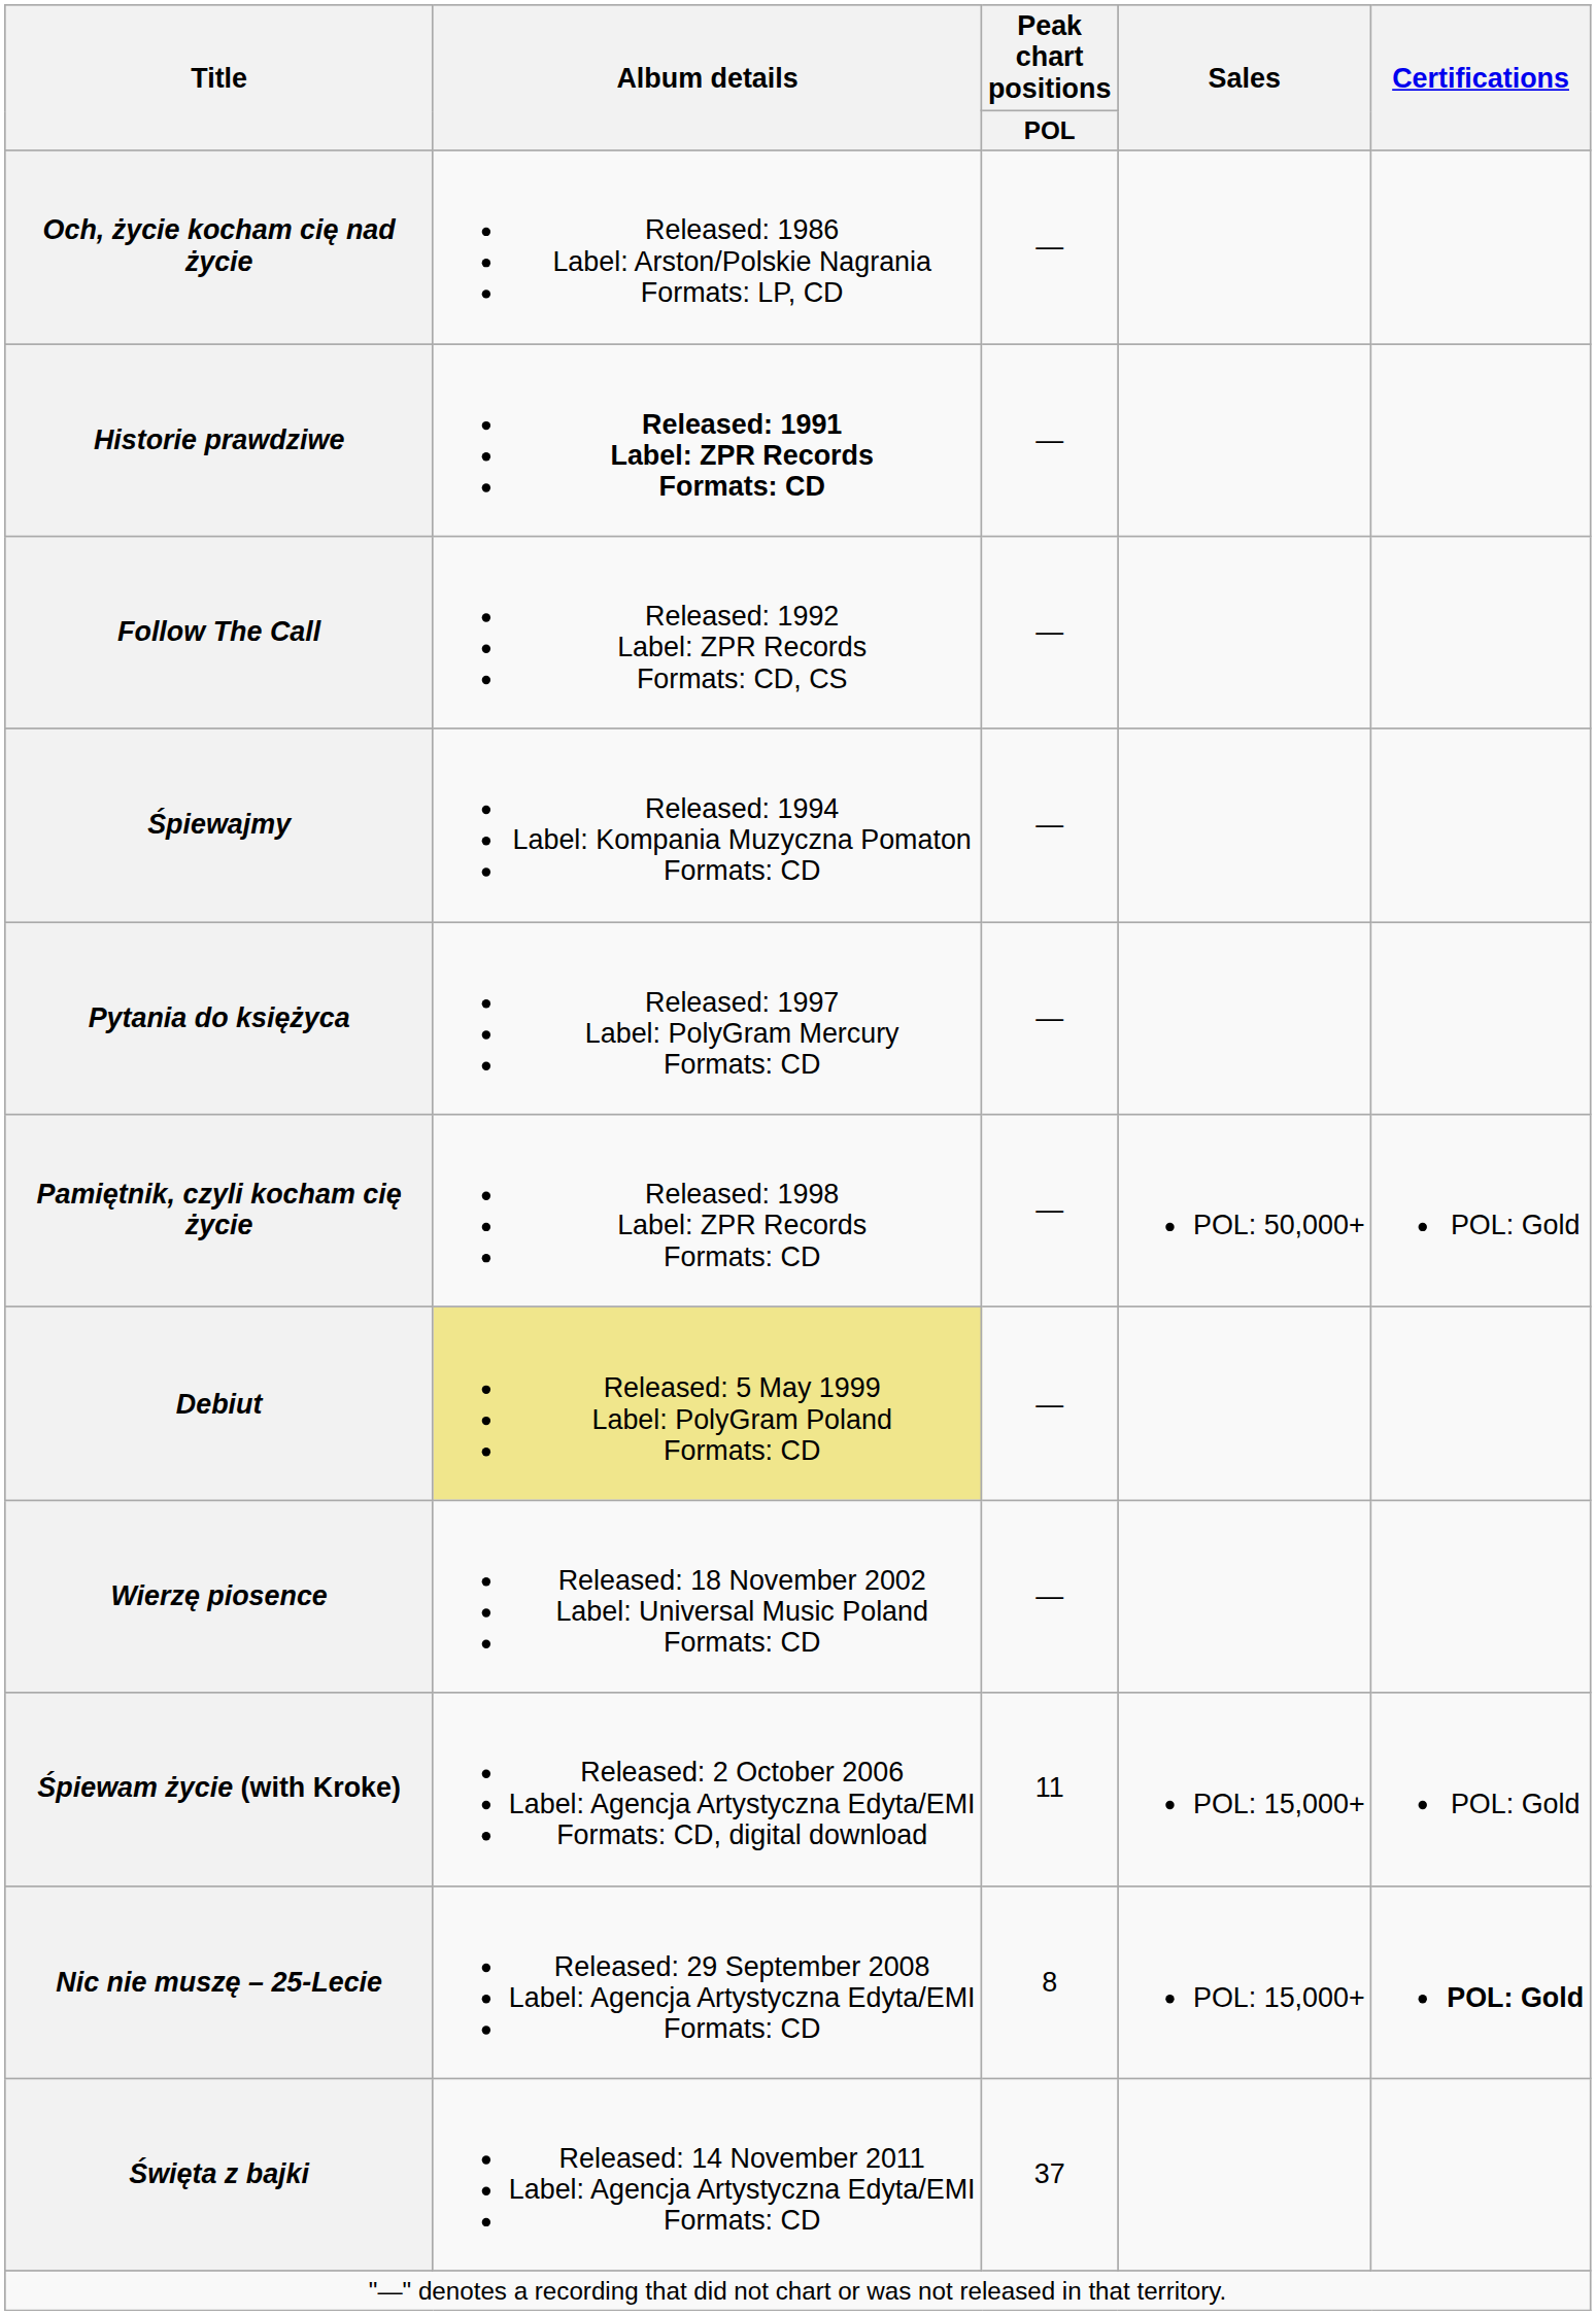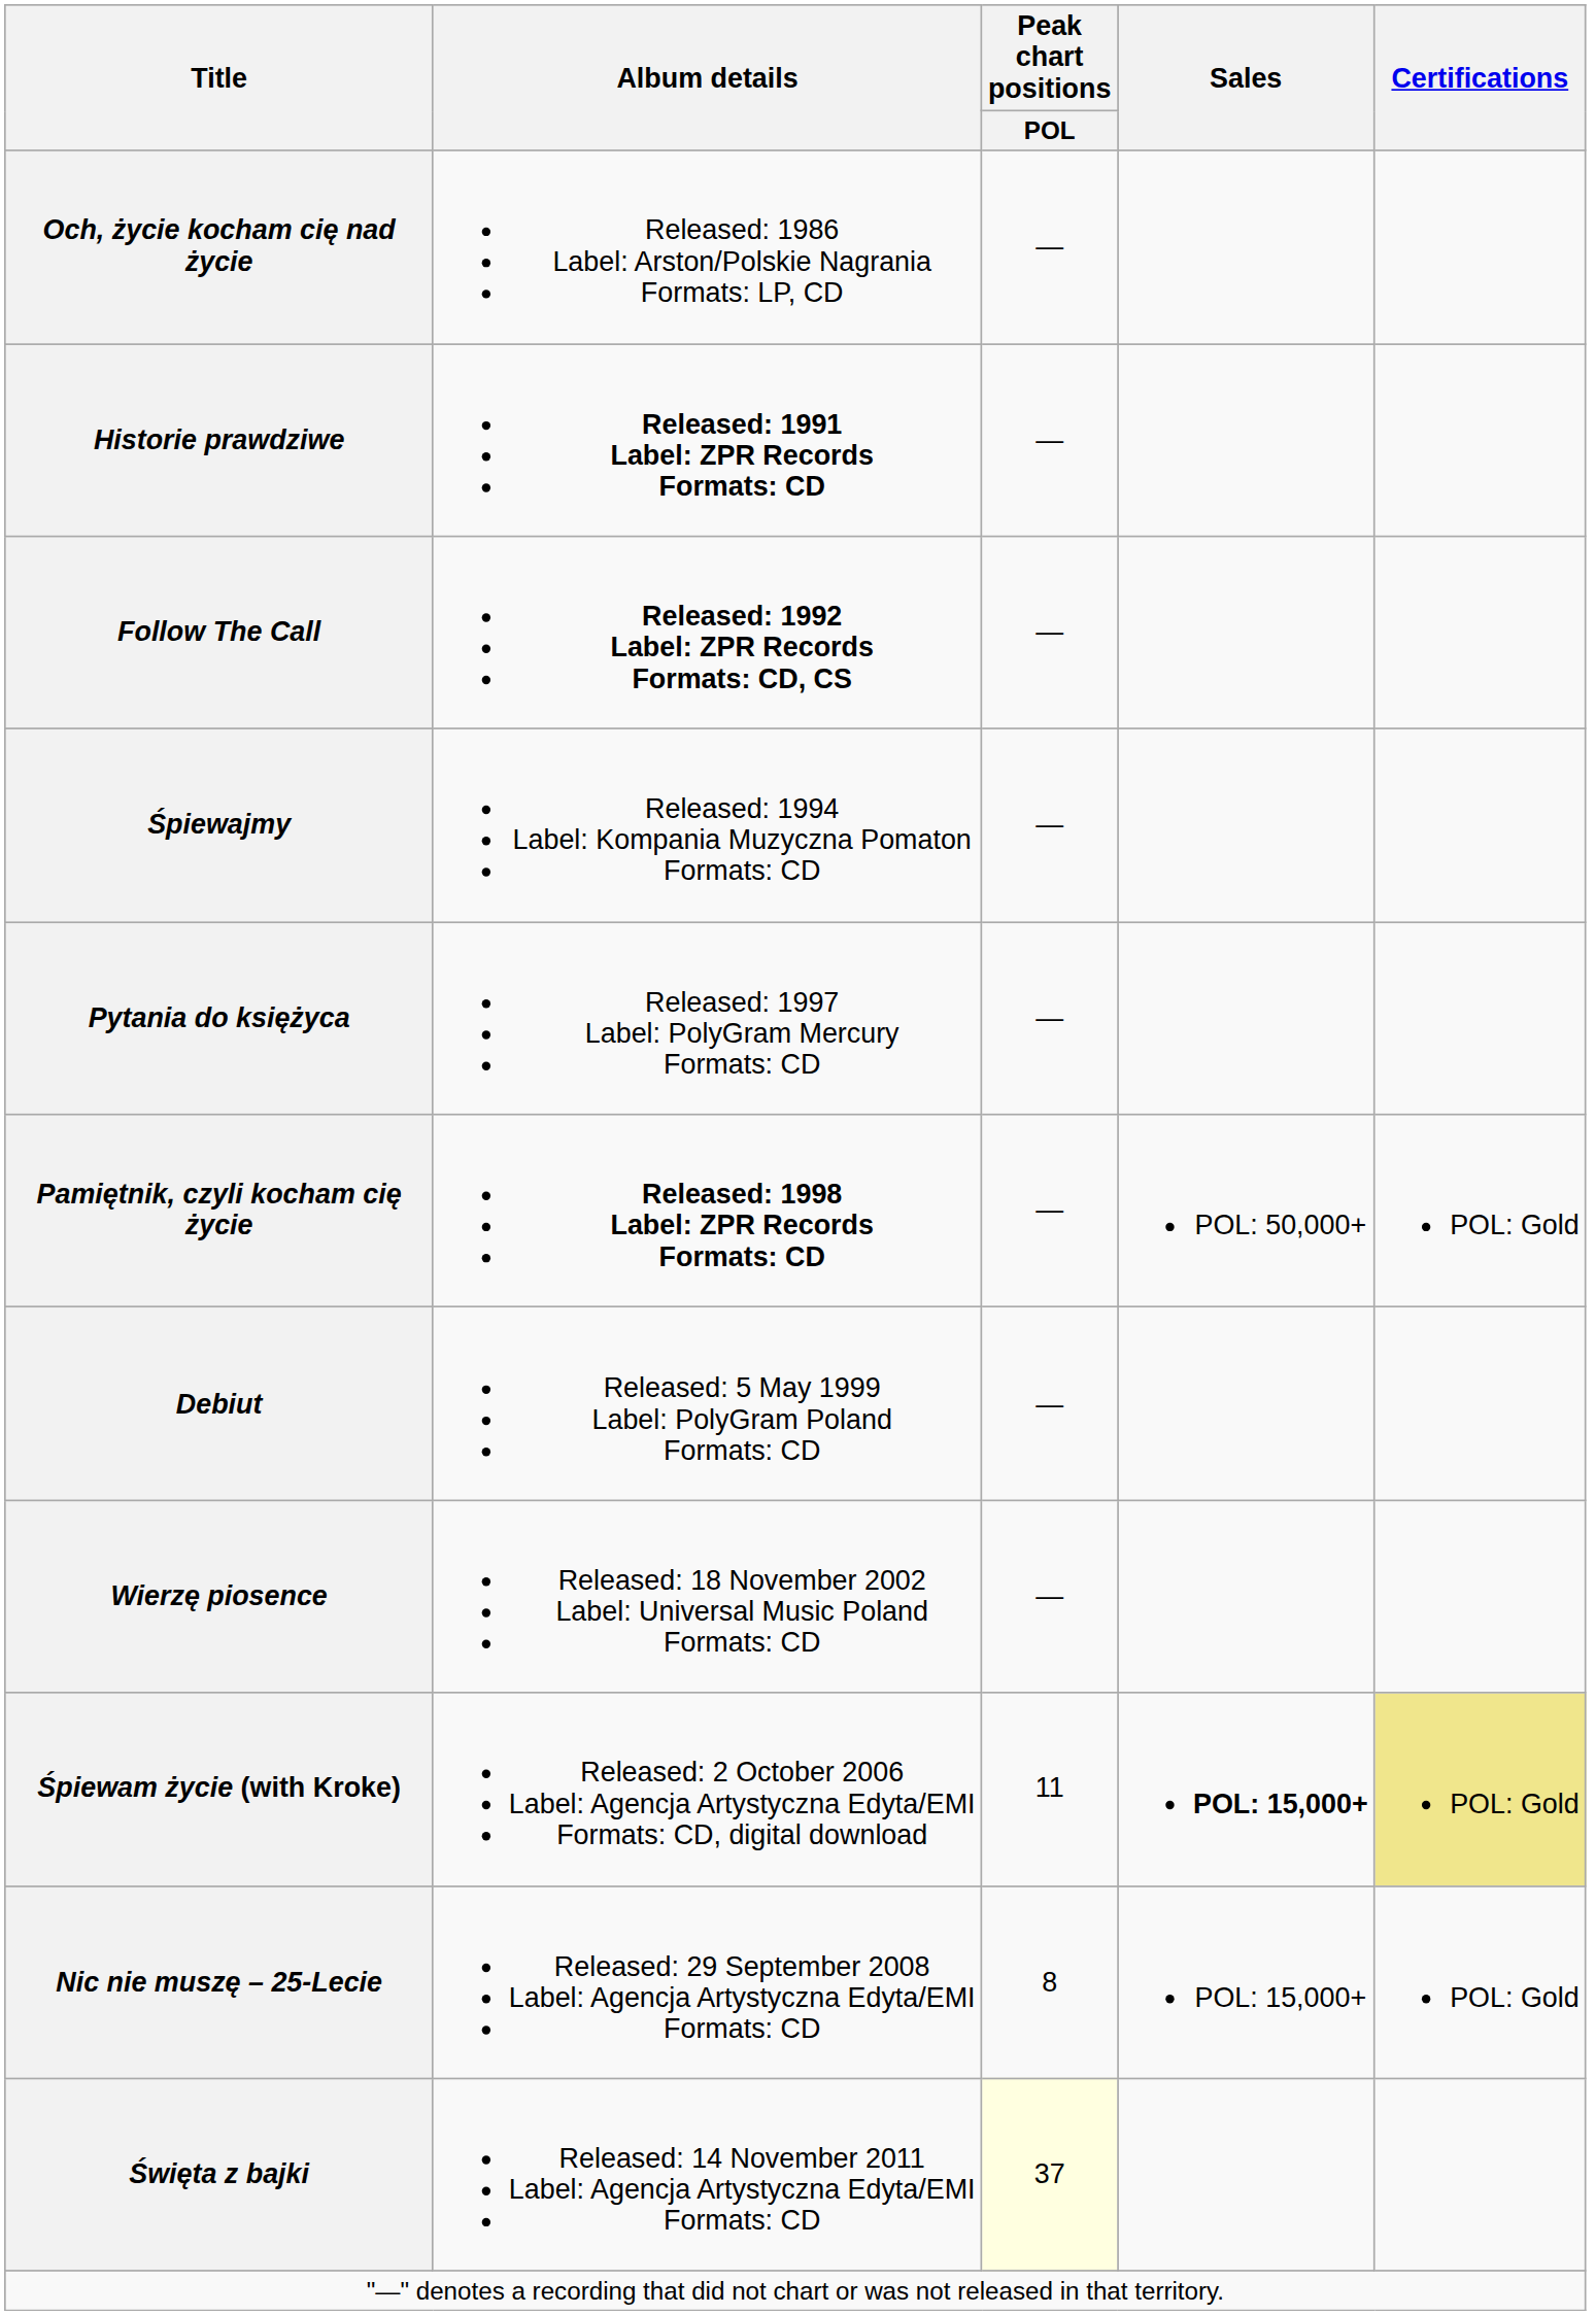 <table class="wikitable plainrowheaders" style="text-align:center;">
 <tr>
 <th scope="col" rowspan="2" style="width:15em;">Title</th>
 <th scope="col" rowspan="2">Album details</th>
 <th scope="col" colspan="1">Peak chart positions</th>
 <th scope="col" rowspan="2">Sales</th>
 <th scope="col" rowspan="2"><a href='#'>Certifications</a></th>
 </tr>
 <tr>
 <th scope="col" style="width:3em;font-size:90%;">POL<br></th>
 </tr>
 <tr>
 <th scope="row"><em>Och, życie kocham cię nad życie</em></th>
 <td><br><ul><li>Released: 1986</li><li>Label: Arston/Polskie Nagrania</li><li>Formats: LP, CD</li></ul></td>
 <td>—</td>
 <td></td>
 <td></td>
 </tr>
 <tr>
 <th scope="row"><em>Historie prawdziwe</em></th>
 <td><strong><br><ul><li>Released: 1991</li><li>Label: ZPR Records</li><li>Formats: CD</li></ul></strong></td>
 <td>—</td>
 <td></td>
 <td></td>
 </tr>
 <tr>
 <th scope="row"><em>Follow The Call</em></th>
-<td><br><ul><li>Released: 1992</li><li>Label: ZPR Records</li><li>Formats: CD, CS</li></ul></td>
+<td><strong><br><ul><li>Released: 1992</li><li>Label: ZPR Records</li><li>Formats: CD, CS</li></ul></strong></td>
 <td>—</td>
 <td></td>
 <td></td>
 </tr>
 <tr>
 <th scope="row"><em>Śpiewajmy</em></th>
 <td><br><ul><li>Released: 1994</li><li>Label: Kompania Muzyczna Pomaton</li><li>Formats: CD</li></ul></td>
 <td>—</td>
 <td></td>
 <td></td>
 </tr>
 <tr>
 <th scope="row"><em>Pytania do księżyca</em></th>
 <td><br><ul><li>Released: 1997</li><li>Label: PolyGram Mercury</li><li>Formats: CD</li></ul></td>
 <td>—</td>
 <td></td>
 <td></td>
 </tr>
 <tr>
 <th scope="row"><em>Pamiętnik, czyli kocham cię życie</em></th>
-<td><br><ul><li>Released: 1998</li><li>Label: ZPR Records</li><li>Formats: CD</li></ul></td>
+<td><strong><br><ul><li>Released: 1998</li><li>Label: ZPR Records</li><li>Formats: CD</li></ul></strong></td>
 <td>—</td>
 <td><br><ul><li>POL: 50,000+</li></ul></td>
 <td><br><ul><li>POL: Gold</li></ul></td>
 </tr>
 <tr>
 <th scope="row"><em>Debiut</em></th>
-<td style="background: khaki;"><br><ul><li>Released: 5 May 1999</li><li>Label: PolyGram Poland</li><li>Formats: CD</li></ul></td>
+<td><br><ul><li>Released: 5 May 1999</li><li>Label: PolyGram Poland</li><li>Formats: CD</li></ul></td>
 <td>—</td>
 <td></td>
 <td></td>
 </tr>
 <tr>
 <th scope="row"><em>Wierzę piosence</em></th>
 <td><br><ul><li>Released: 18 November 2002</li><li>Label: Universal Music Poland</li><li>Formats: CD</li></ul></td>
 <td>—</td>
 <td></td>
 <td></td>
 </tr>
 <tr>
 <th scope="row"><em>Śpiewam życie</em> (with Kroke)</th>
 <td><br><ul><li>Released: 2 October 2006</li><li>Label: Agencja Artystyczna Edyta/EMI</li><li>Formats: CD, digital download</li></ul></td>
 <td>11</td>
-<td><br><ul><li>POL: 15,000+</li></ul></td>
-<td><br><ul><li>POL: Gold</li></ul></td>
+<td><strong><br><ul><li>POL: 15,000+</li></ul></strong></td>
+<td style="background: khaki;"><br><ul><li>POL: Gold</li></ul></td>
 </tr>
 <tr>
 <th scope="row"><em>Nic nie muszę – 25-Lecie</em></th>
 <td><br><ul><li>Released: 29 September 2008</li><li>Label: Agencja Artystyczna Edyta/EMI</li><li>Formats: CD</li></ul></td>
 <td>8</td>
 <td><br><ul><li>POL: 15,000+</li></ul></td>
-<td><strong><br><ul><li>POL: Gold</li></ul></strong></td>
+<td><br><ul><li>POL: Gold</li></ul></td>
 </tr>
 <tr>
 <th scope="row"><em>Święta z bajki</em></th>
 <td><br><ul><li>Released: 14 November 2011</li><li>Label: Agencja Artystyczna Edyta/EMI</li><li>Formats: CD</li></ul></td>
-<td>37</td>
+<td style="background: lightyellow;">37</td>
 <td></td>
 <td></td>
 </tr>
 <tr>
 <td colspan="20" style="font-size:90%">"—" denotes a recording that did not chart or was not released in that territory.</td>
 </tr>
 </table>
